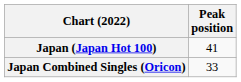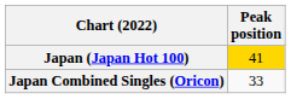 <table class="wikitable sortable plainrowheaders" style="text-align:center">
 <tr>
 <th scope="col">Chart (2022)</th>
 <th scope="col">Peak<br>position</th>
 </tr>
 <tr>
 <th scope="row">Japan (<a href='#'>Japan Hot 100</a>)</th>
-<td>41</td>
+<td style="background: gold;">41</td>
 </tr>
 <tr>
 <th scope="row">Japan Combined Singles (<a href='#'>Oricon</a>)</th>
 <td>33</td>
 </tr>
 </table>
